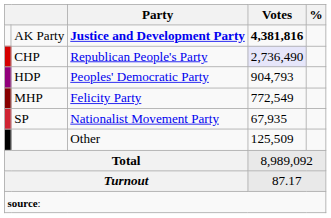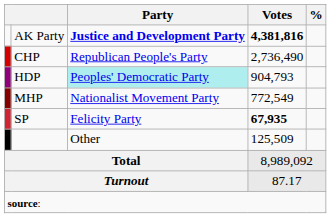 <table class="wikitable">
 <tr>
 <th colspan="2" align="center"></th>
 <th align="center">Party</th>
 <th align="center">Votes</th>
 <th align="center">%</th>
 </tr>
 <tr align="left">
 <td></td>
 <td>AK Party</td>
 <td><strong><a href='#'>Justice and Development Party</a></strong></td>
 <td><strong>4,381,816</strong></td>
 <td><strong></strong></td>
 </tr>
 <tr align="left">
 <td bgcolor="#d50000" width="1"></td>
 <td>CHP</td>
 <td><a href='#'>Republican People's Party</a></td>
-<td style="background: lavender;">2,736,490</td>
+<td>2,736,490</td>
 <td></td>
 </tr>
 <tr align="left">
 <td bgcolor="#91007B" width="1"></td>
 <td>HDP</td>
-<td><a href='#'>Peoples' Democratic Party</a></td>
+<td style="background: paleturquoise;"><a href='#'>Peoples' Democratic Party</a></td>
 <td>904,793</td>
 <td></td>
 </tr>
 <tr align="left">
 <td bgcolor="#870000" width="1"></td>
 <td>MHP</td>
-<td><a href='#'>Felicity Party</a></td>
+<td><a href='#'>Nationalist Movement Party</a></td>
 <td>772,549</td>
 <td></td>
 </tr>
 <tr align="left">
 <td bgcolor="#D02433" width="1"></td>
 <td>SP</td>
-<td><a href='#'>Nationalist Movement Party</a></td>
-<td>67,935</td>
+<td><a href='#'>Felicity Party</a></td>
+<td><strong>67,935</strong></td>
 <td></td>
 </tr>
 <tr align="left">
 <td bgcolor=" " width="1"></td>
 <td></td>
 <td>Other</td>
 <td>125,509</td>
 <td></td>
 </tr>
 <tr align="left" style="background-color:#E9E9E9">
 <th colspan="3" align="center"><strong>Total</strong></th>
 <td colspan="5" align="center">8,989,092</td>
 </tr>
 <tr align="left" style="background-color:#E9E9E9">
 <th colspan="3" align="center"><em>Turnout</em></th>
 <td colspan="5" align="center">87.17</td>
 </tr>
 <tr>
 <td colspan="9" align="left"><small><strong>source</strong>: </small></td>
 </tr>
 </table>
